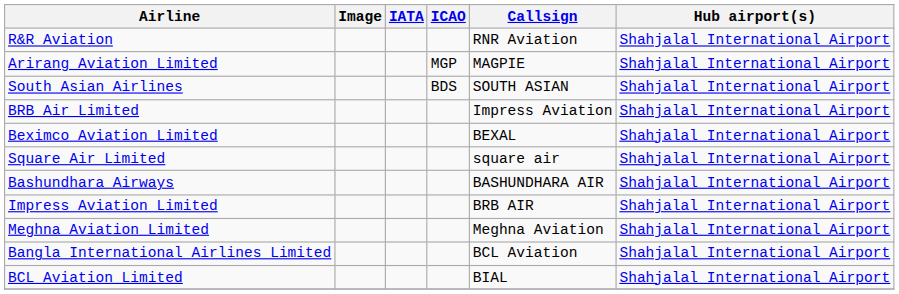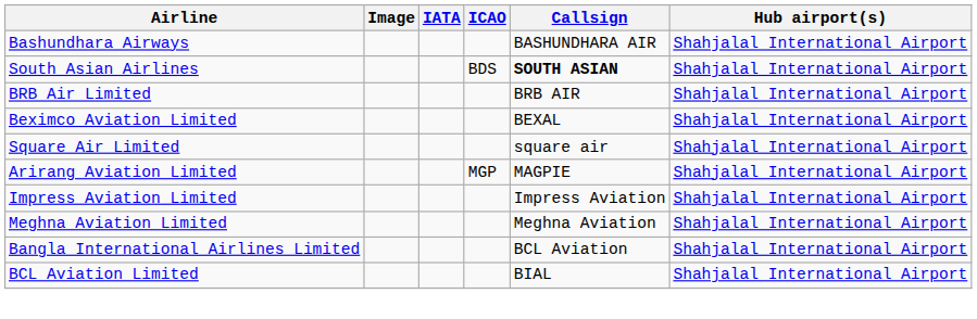 <table class="wikitable sortable static-row-numbers static-row-header-text" style="border: 1; cellpadding: 2; cellspacing: 3;">
 <tr valign="right">
 <th>Airline</th>
 <th>Image</th>
 <th><a href='#'>IATA</a></th>
 <th><a href='#'>ICAO</a></th>
 <th><a href='#'>Callsign</a></th>
 <th>Hub airport(s)</th>
 </tr>
 <tr>
-<td><a href='#'>R&R Aviation</a></td>
+<td><a href='#'>Bashundhara Airways</a></td>
 <td></td>
 <td></td>
 <td></td>
-<td>RNR Aviation</td>
-<td><a href='#'>Shahjalal International Airport</a></td>
-</tr>
-<tr>
-<td><a href='#'>Arirang Aviation Limited</a></td>
-<td></td>
-<td></td>
-<td>MGP</td>
-<td>MAGPIE</td>
+<td>BASHUNDHARA AIR</td>
 <td><a href='#'>Shahjalal International Airport</a></td>
 </tr>
 <tr>
 <td><a href='#'>South Asian Airlines</a></td>
 <td></td>
 <td></td>
 <td>BDS</td>
-<td>SOUTH ASIAN</td>
+<td><strong>SOUTH ASIAN</strong></td>
 <td><a href='#'>Shahjalal International Airport</a></td>
 </tr>
 <tr>
 <td><a href='#'>BRB Air Limited</a></td>
 <td></td>
 <td></td>
 <td></td>
-<td>Impress Aviation</td>
+<td>BRB AIR</td>
 <td><a href='#'>Shahjalal International Airport</a></td>
 </tr>
 <tr>
 <td><a href='#'>Beximco Aviation Limited</a></td>
 <td></td>
 <td></td>
 <td></td>
 <td>BEXAL</td>
 <td><a href='#'>Shahjalal International Airport</a></td>
 </tr>
 <tr>
 <td><a href='#'>Square Air Limited</a></td>
 <td></td>
 <td></td>
 <td></td>
 <td>square air</td>
 <td><a href='#'>Shahjalal International Airport</a></td>
 </tr>
 <tr>
-<td><a href='#'>Bashundhara Airways</a></td>
+<td><a href='#'>Arirang Aviation Limited</a></td>
 <td></td>
 <td></td>
-<td></td>
-<td>BASHUNDHARA AIR</td>
+<td>MGP</td>
+<td>MAGPIE</td>
 <td><a href='#'>Shahjalal International Airport</a></td>
 </tr>
 <tr>
 <td><a href='#'>Impress Aviation Limited</a></td>
 <td></td>
 <td></td>
 <td></td>
-<td>BRB AIR</td>
+<td>Impress Aviation</td>
 <td><a href='#'>Shahjalal International Airport</a></td>
 </tr>
 <tr>
 <td><a href='#'>Meghna Aviation Limited</a></td>
 <td></td>
 <td></td>
 <td></td>
 <td>Meghna Aviation</td>
 <td><a href='#'>Shahjalal International Airport</a></td>
 </tr>
 <tr>
 <td><a href='#'>Bangla International Airlines Limited</a></td>
 <td></td>
 <td></td>
 <td></td>
 <td>BCL Aviation</td>
 <td><a href='#'>Shahjalal International Airport</a></td>
 </tr>
 <tr>
 <td><a href='#'>BCL Aviation Limited</a></td>
 <td></td>
 <td></td>
 <td></td>
 <td>BIAL</td>
 <td><a href='#'>Shahjalal International Airport</a></td>
 </tr>
 <tr>
 </tr>
 </table>
